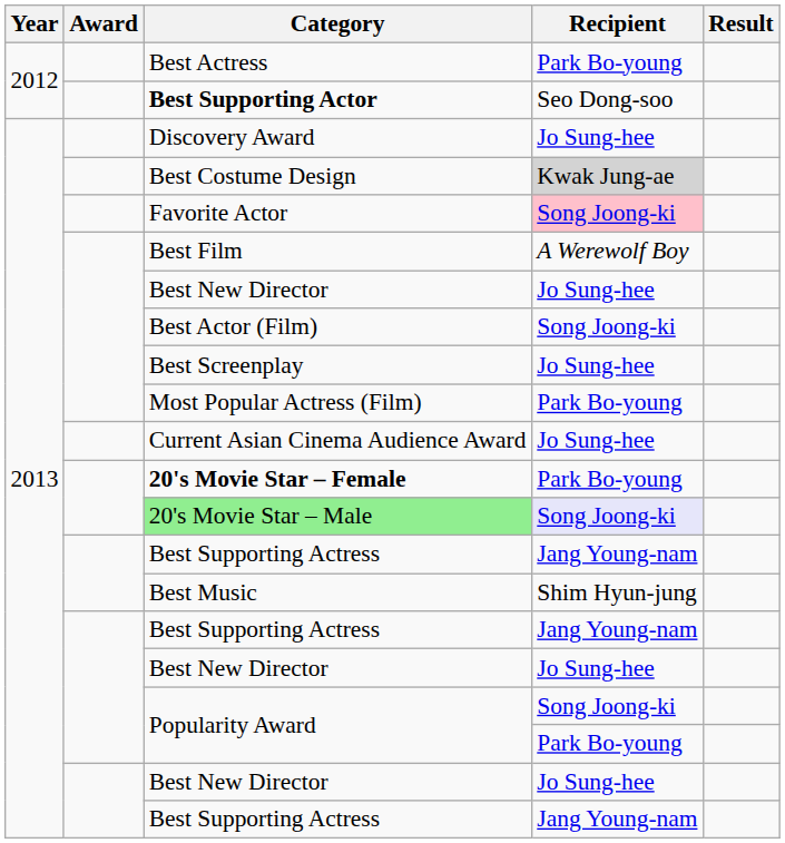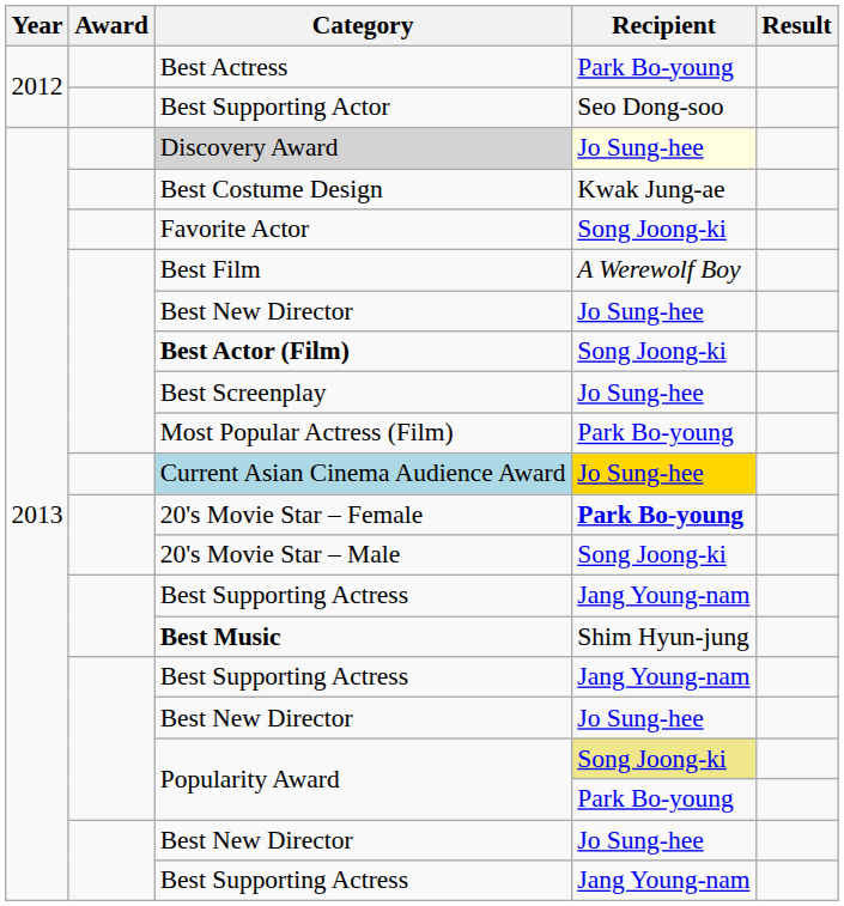 <table class="wikitable sortable">
 <tr>
 <th>Year</th>
 <th>Award</th>
 <th>Category</th>
 <th>Recipient</th>
 <th>Result</th>
 </tr>
 <tr>
 <td rowspan="2">2012</td>
 <td></td>
 <td>Best Actress</td>
 <td><a href='#'>Park Bo-young</a></td>
 <td></td>
 </tr>
 <tr>
 <td></td>
-<td><strong>Best Supporting Actor</strong></td>
+<td>Best Supporting Actor</td>
 <td>Seo Dong-soo</td>
 <td></td>
 </tr>
 <tr>
 <td rowspan="19">2013</td>
 <td></td>
-<td>Discovery Award</td>
-<td><a href='#'>Jo Sung-hee</a></td>
+<td style="background: lightgrey;">Discovery Award</td>
+<td style="background: lightyellow;"><a href='#'>Jo Sung-hee</a></td>
 <td></td>
 </tr>
 <tr>
 <td></td>
 <td>Best Costume Design</td>
-<td style="background: lightgrey;">Kwak Jung-ae</td>
+<td>Kwak Jung-ae</td>
 <td></td>
 </tr>
 <tr>
 <td></td>
 <td>Favorite Actor</td>
-<td style="background: pink;"><a href='#'>Song Joong-ki</a></td>
+<td><a href='#'>Song Joong-ki</a></td>
 <td></td>
 </tr>
 <tr>
 <td rowspan="5"></td>
 <td>Best Film</td>
 <td><em>A Werewolf Boy</em></td>
 <td></td>
 </tr>
 <tr>
 <td>Best New Director</td>
 <td><a href='#'>Jo Sung-hee</a></td>
 <td></td>
 </tr>
 <tr>
-<td>Best Actor (Film)</td>
+<td><strong>Best Actor (Film)</strong></td>
 <td><a href='#'>Song Joong-ki</a></td>
 <td></td>
 </tr>
 <tr>
 <td>Best Screenplay</td>
 <td><a href='#'>Jo Sung-hee</a></td>
 <td></td>
 </tr>
 <tr>
 <td>Most Popular Actress (Film)</td>
 <td><a href='#'>Park Bo-young</a></td>
 <td></td>
 </tr>
 <tr>
 <td></td>
-<td>Current Asian Cinema Audience Award</td>
-<td><a href='#'>Jo Sung-hee</a></td>
+<td style="background: lightblue;">Current Asian Cinema Audience Award</td>
+<td style="background: gold;"><a href='#'>Jo Sung-hee</a></td>
 <td></td>
 </tr>
 <tr>
 <td rowspan="2"></td>
-<td><strong>20's Movie Star – Female</strong></td>
-<td><a href='#'>Park Bo-young</a></td>
+<td>20's Movie Star – Female</td>
+<td><strong><a href='#'>Park Bo-young</a></strong></td>
 <td></td>
 </tr>
 <tr>
-<td style="background: lightgreen;">20's Movie Star – Male</td>
-<td style="background: lavender;"><a href='#'>Song Joong-ki</a></td>
+<td>20's Movie Star – Male</td>
+<td><a href='#'>Song Joong-ki</a></td>
 <td></td>
 </tr>
 <tr>
 <td rowspan="2"></td>
 <td>Best Supporting Actress</td>
 <td><a href='#'>Jang Young-nam</a></td>
 <td></td>
 </tr>
 <tr>
-<td>Best Music</td>
+<td><strong>Best Music</strong></td>
 <td>Shim Hyun-jung</td>
 <td></td>
 </tr>
 <tr>
 <td rowspan="4"></td>
 <td>Best Supporting Actress</td>
 <td><a href='#'>Jang Young-nam</a></td>
 <td></td>
 </tr>
 <tr>
 <td>Best New Director</td>
 <td><a href='#'>Jo Sung-hee</a></td>
 <td></td>
 </tr>
 <tr>
 <td rowspan="2">Popularity Award</td>
-<td><a href='#'>Song Joong-ki</a></td>
+<td style="background: khaki;"><a href='#'>Song Joong-ki</a></td>
 <td></td>
 </tr>
 <tr>
 <td><a href='#'>Park Bo-young</a></td>
 <td></td>
 </tr>
 <tr>
 <td rowspan="2"></td>
 <td>Best New Director</td>
 <td><a href='#'>Jo Sung-hee</a></td>
 <td></td>
 </tr>
 <tr>
 <td>Best Supporting Actress</td>
 <td><a href='#'>Jang Young-nam</a></td>
 <td></td>
 </tr>
 </table>
